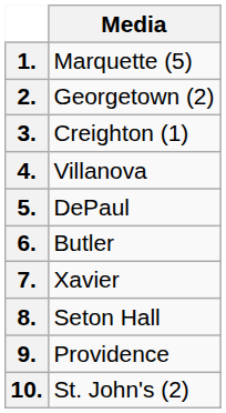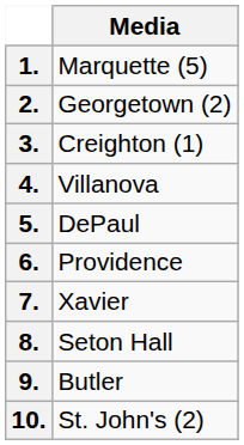 <table class="wikitable" style="white-space:nowrap; font-size:90%;">
 <tr>
 <td ! colspan=1 style="background:white; border-top-style:hidden; border-left-style:hidden;"></td>
 <th>Media</th>
 </tr>
 <tr>
 <th>1.</th>
 <td>Marquette (5)</td>
 </tr>
 <tr>
 <th>2.</th>
 <td>Georgetown (2)</td>
 </tr>
 <tr>
 <th>3.</th>
 <td>Creighton (1)</td>
 </tr>
 <tr>
 <th>4.</th>
 <td>Villanova</td>
 </tr>
 <tr>
 <th>5.</th>
 <td>DePaul</td>
 </tr>
 <tr>
 <th>6.</th>
-<td>Butler</td>
+<td>Providence</td>
 </tr>
 <tr>
 <th>7.</th>
 <td>Xavier</td>
 </tr>
 <tr>
 <th>8.</th>
 <td>Seton Hall</td>
 </tr>
 <tr>
 <th>9.</th>
-<td>Providence</td>
+<td>Butler</td>
 </tr>
 <tr>
 <th>10.</th>
 <td>St. John's (2)</td>
 </tr>
 </table>
